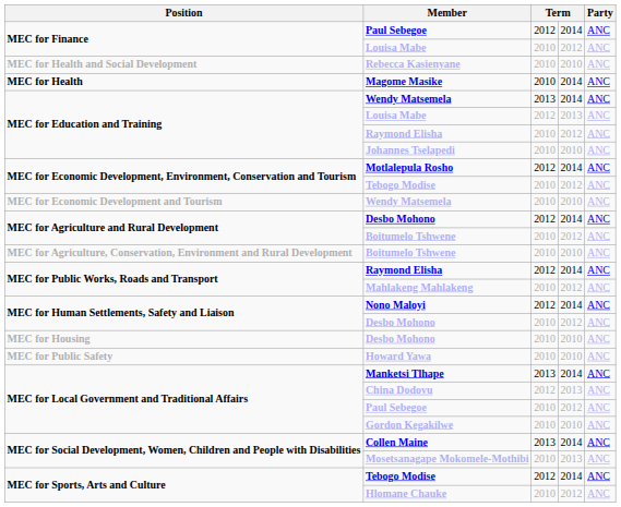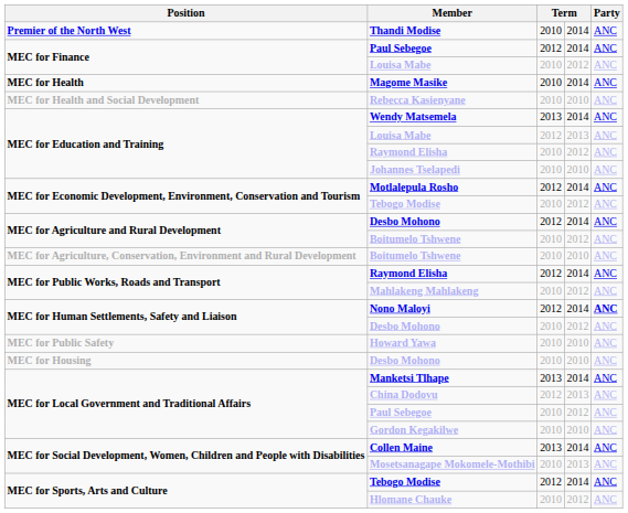 <table class="wikitable">
 <tr>
 <th>Position</th>
 <th>Member</th>
 <th colspan="2">Term</th>
 <th>Party</th>
+</tr>
+<tr>
+<td><strong><a href='#'>Premier of the North West</a></strong></td>
+<td><strong><a href='#'>Thandi Modise</a></strong></td>
+<td>2010</td>
+<td>2014</td>
+<td><a href='#'>ANC</a></td>
 </tr>
 <tr>
 <td rowspan="2"><strong>MEC for Finance</strong></td>
 <td><strong><a href='#'>Paul Sebegoe</a></strong></td>
 <td>2012</td>
 <td>2014</td>
 <td><a href='#'>ANC</a></td>
 </tr>
 <tr style="opacity:.3;">
 <td><strong><a href='#'>Louisa Mabe</a></strong></td>
 <td>2010</td>
 <td>2012</td>
 <td><a href='#'>ANC</a></td>
 </tr>
+<tr>
+<td><strong>MEC for Health</strong></td>
+<td><strong><a href='#'>Magome Masike</a></strong></td>
+<td>2010</td>
+<td>2014</td>
+<td><a href='#'>ANC</a></td>
+</tr>
 <tr style="opacity:.3;">
 <td><strong>MEC for Health and Social Development</strong></td>
 <td><strong><a href='#'>Rebecca Kasienyane</a></strong></td>
 <td>2010</td>
 <td>2010</td>
-<td><a href='#'>ANC</a></td>
-</tr>
-<tr>
-<td><strong>MEC for Health</strong></td>
-<td><strong><a href='#'>Magome Masike</a></strong></td>
-<td>2010</td>
-<td>2014</td>
 <td><a href='#'>ANC</a></td>
 </tr>
 <tr>
 <td rowspan="4"><strong>MEC for Education and Training</strong></td>
 <td><strong><a href='#'>Wendy Matsemela</a></strong></td>
 <td>2013</td>
 <td>2014</td>
 <td><a href='#'>ANC</a></td>
 </tr>
 <tr style="opacity:.3;">
 <td><strong><a href='#'>Louisa Mabe</a></strong></td>
 <td>2012</td>
 <td>2013</td>
 <td><a href='#'>ANC</a></td>
 </tr>
 <tr style="opacity:.3;">
 <td><strong><a href='#'>Raymond Elisha</a></strong></td>
 <td>2010</td>
 <td>2012</td>
 <td><a href='#'>ANC</a></td>
 </tr>
 <tr style="opacity:.3;">
 <td><strong><a href='#'>Johannes Tselapedi</a></strong></td>
 <td>2010</td>
 <td>2010</td>
 <td><a href='#'>ANC</a></td>
 </tr>
 <tr>
 <td rowspan="2"><strong>MEC for Economic Development, Environment, Conservation and Tourism</strong></td>
 <td><strong><a href='#'>Motlalepula Rosho</a></strong></td>
 <td>2012</td>
 <td>2014</td>
 <td><a href='#'>ANC</a></td>
 </tr>
 <tr style="opacity:.3;">
 <td><strong><a href='#'>Tebogo Modise</a></strong></td>
 <td>2010</td>
 <td>2012</td>
 <td><a href='#'>ANC</a></td>
 </tr>
-<tr style="opacity:.3;">
-<td><strong>MEC for Economic Development and Tourism</strong></td>
-<td><strong><a href='#'>Wendy Matsemela</a></strong></td>
-<td>2010</td>
-<td>2010</td>
-<td><a href='#'>ANC</a></td>
-</tr>
 <tr>
 <td rowspan="2"><strong>MEC for Agriculture and Rural Development</strong></td>
 <td><strong><a href='#'>Desbo Mohono</a></strong></td>
 <td>2012</td>
 <td>2014</td>
 <td><a href='#'>ANC</a></td>
 </tr>
 <tr style="opacity:.3;">
 <td><strong><a href='#'>Boitumelo Tshwene</a></strong></td>
 <td>2010</td>
 <td>2012</td>
 <td><a href='#'>ANC</a></td>
 </tr>
 <tr style="opacity:.3;">
 <td><strong>MEC for Agriculture, Conservation, Environment and Rural Development</strong></td>
 <td><strong><a href='#'>Boitumelo Tshwene</a></strong></td>
 <td>2010</td>
 <td>2010</td>
 <td><a href='#'>ANC</a></td>
 </tr>
 <tr>
 <td rowspan="2"><strong>MEC for Public Works, Roads and Transport</strong></td>
 <td><strong><a href='#'>Raymond Elisha</a></strong></td>
 <td>2012</td>
 <td>2014</td>
 <td><a href='#'>ANC</a></td>
 </tr>
 <tr style="opacity:.3;">
 <td><strong><a href='#'>Mahlakeng Mahlakeng</a></strong></td>
 <td>2010</td>
 <td>2012</td>
 <td><a href='#'>ANC</a></td>
 </tr>
 <tr>
 <td rowspan="2"><strong>MEC for Human Settlements, Safety and Liaison</strong></td>
 <td><strong><a href='#'>Nono Maloyi</a></strong></td>
 <td>2012</td>
 <td>2014</td>
-<td><a href='#'>ANC</a></td>
+<td><strong><a href='#'>ANC</a></strong></td>
 </tr>
 <tr style="opacity:.3;">
 <td><strong><a href='#'>Desbo Mohono</a></strong></td>
 <td>2010</td>
 <td>2012</td>
 <td><a href='#'>ANC</a></td>
 </tr>
 <tr style="opacity:.3;">
-<td><strong>MEC for Housing</strong></td>
-<td><strong><a href='#'>Desbo Mohono</a></strong></td>
+<td><strong>MEC for Public Safety</strong></td>
+<td><strong><a href='#'>Howard Yawa</a></strong></td>
 <td>2010</td>
 <td>2010</td>
 <td><a href='#'>ANC</a></td>
 </tr>
 <tr style="opacity:.3;">
-<td><strong>MEC for Public Safety</strong></td>
-<td><strong><a href='#'>Howard Yawa</a></strong></td>
+<td><strong>MEC for Housing</strong></td>
+<td><strong><a href='#'>Desbo Mohono</a></strong></td>
 <td>2010</td>
 <td>2010</td>
 <td><a href='#'>ANC</a></td>
 </tr>
 <tr>
 <td rowspan="4"><strong>MEC for Local Government and Traditional Affairs</strong></td>
 <td><strong><a href='#'>Manketsi Tlhape</a></strong></td>
 <td>2013</td>
 <td>2014</td>
 <td><a href='#'>ANC</a></td>
 </tr>
 <tr style="opacity:.3;">
 <td><strong><a href='#'>China Dodovu</a></strong></td>
 <td>2012</td>
 <td>2013</td>
 <td><a href='#'>ANC</a></td>
 </tr>
 <tr style="opacity:.3;">
 <td><strong><a href='#'>Paul Sebegoe</a></strong></td>
 <td>2010</td>
 <td>2012</td>
 <td><a href='#'>ANC</a></td>
 </tr>
 <tr style="opacity:.3;">
 <td><strong><a href='#'>Gordon Kegakilwe</a></strong></td>
 <td>2010</td>
 <td>2010</td>
 <td><a href='#'>ANC</a></td>
 </tr>
 <tr>
 <td rowspan="2"><strong>MEC for Social Development, Women, Children and People with Disabilities</strong></td>
 <td><strong><a href='#'>Collen Maine</a></strong></td>
 <td>2013</td>
 <td>2014</td>
 <td><a href='#'>ANC</a></td>
 </tr>
 <tr style="opacity:.3;">
 <td><strong><a href='#'>Mosetsanagape Mokomele-Mothibi</a></strong></td>
 <td>2010</td>
 <td>2013</td>
 <td><a href='#'>ANC</a></td>
 </tr>
 <tr>
 <td rowspan="2"><strong>MEC for Sports, Arts and Culture</strong></td>
 <td><strong><a href='#'>Tebogo Modise</a></strong></td>
 <td>2012</td>
 <td>2014</td>
 <td><a href='#'>ANC</a></td>
 </tr>
 <tr style="opacity:.3;">
 <td><strong><a href='#'>Hlomane Chauke</a></strong></td>
 <td>2010</td>
 <td>2012</td>
 <td><a href='#'>ANC</a></td>
 </tr>
 </table>
